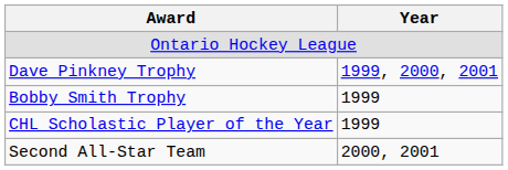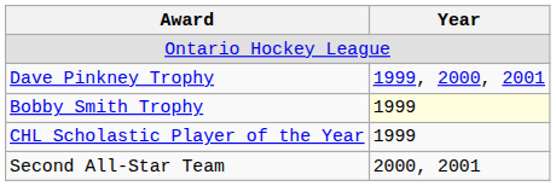 <table class="wikitable">
 <tr>
 <th>Award</th>
 <th>Year</th>
 </tr>
 <tr align="center" bgcolor="#e0e0e0">
 <td colspan="2"><a href='#'>Ontario Hockey League</a></td>
 </tr>
 <tr>
 <td><a href='#'>Dave Pinkney Trophy</a></td>
 <td><a href='#'>1999</a>, <a href='#'>2000</a>, <a href='#'>2001</a></td>
 </tr>
 <tr>
 <td><a href='#'>Bobby Smith Trophy</a></td>
-<td>1999</td>
+<td style="background: lightyellow;">1999</td>
 </tr>
 <tr>
 <td><a href='#'>CHL Scholastic Player of the Year</a></td>
 <td>1999</td>
 </tr>
 <tr>
 <td>Second All-Star Team</td>
 <td>2000, 2001</td>
 </tr>
 </table>
